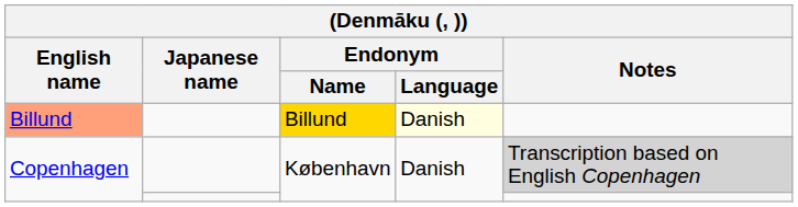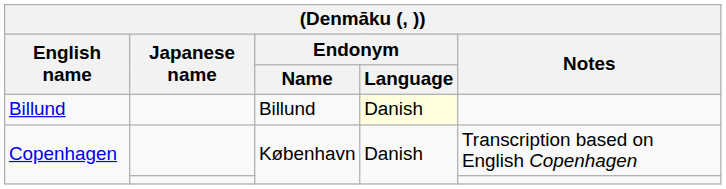 <table class="wikitable sortable">
 <tr>
 <th colspan="5"> (Denmāku (, ))</th>
 </tr>
 <tr>
 <th rowspan="2">English name</th>
 <th rowspan="2">Japanese name</th>
 <th colspan="2">Endonym</th>
 <th rowspan="2">Notes</th>
 </tr>
 <tr>
 <th>Name</th>
 <th>Language</th>
 </tr>
 <tr>
-<td style="background: lightsalmon;"><a href='#'>Billund</a></td>
+<td><a href='#'>Billund</a></td>
 <td></td>
-<td style="background: gold;">Billund</td>
+<td>Billund</td>
 <td style="background: lightyellow;">Danish</td>
 <td></td>
 </tr>
 <tr>
 <td rowspan=2><a href='#'>Copenhagen</a></td>
 <td></td>
 <td rowspan=2>København</td>
 <td rowspan=2>Danish</td>
-<td style="background: lightgrey;">Transcription based on English <em>Copenhagen</em></td>
+<td>Transcription based on English <em>Copenhagen</em></td>
 </tr>
 <tr>
 <td rowspan=2></td>
 <td></td>
 </tr>
 </table>
